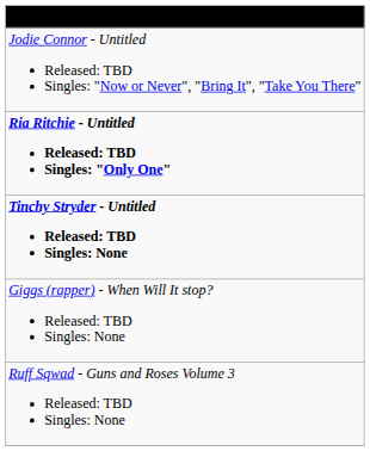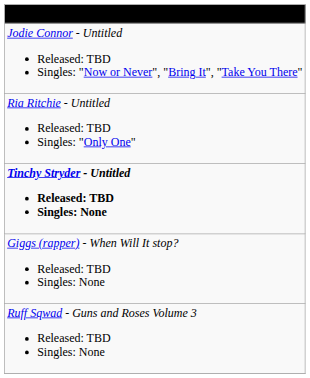 <table class="wikitable">
 <tr>
 <th style="background:#000000;" align="center"><span>Information</span></th>
 </tr>
 <tr>
 <td align="left"><em><a href='#'>Jodie Connor</a> - Untitled</em><br><ul><li>Released: TBD </li><li>Singles: "<a href='#'>Now or Never</a>", "<a href='#'>Bring It</a>", "<a href='#'>Take You There</a>"</li></ul></td>
 </tr>
 <tr>
-<td align="left"><strong><em><a href='#'>Ria Ritchie</a> - Untitled</em><br><ul><li>Released: TBD </li><li>Singles: "<a href='#'>Only One</a>"</li></ul></strong></td>
+<td align="left"><em><a href='#'>Ria Ritchie</a> - Untitled</em><br><ul><li>Released: TBD </li><li>Singles: "<a href='#'>Only One</a>"</li></ul></td>
 </tr>
 <tr>
 <td align="left"><strong><em><a href='#'>Tinchy Stryder</a> - Untitled</em><br><ul><li>Released: TBD</li><li>Singles: None</li></ul></strong></td>
 </tr>
 <tr>
 <td align="left"><em><a href='#'>Giggs (rapper)</a> - When Will It stop?</em><br><ul><li>Released: TBD</li><li>Singles: None</li></ul></td>
 </tr>
 <tr>
 <td align="left"><em><a href='#'>Ruff Sqwad</a> - Guns and Roses Volume 3</em><br><ul><li>Released: TBD</li><li>Singles: None</li></ul></td>
 </tr>
 <tr>
 </tr>
 </table>
